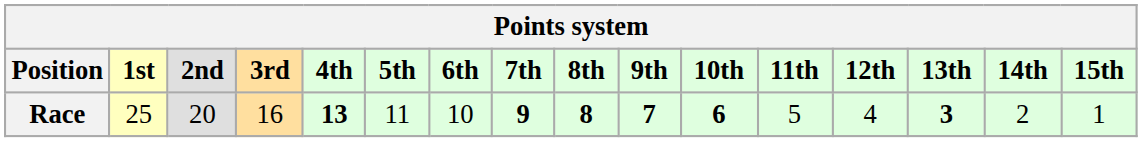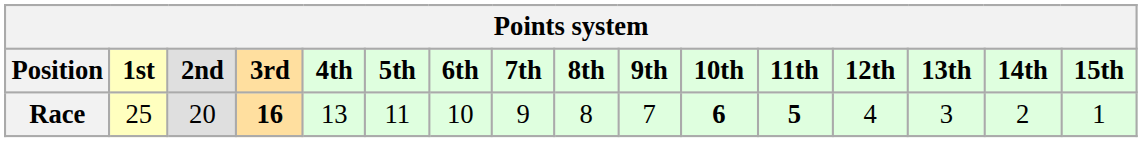 <table class="wikitable" style="font-size:80%; text-align:center">
 <tr>
 <th colspan="23">Points system</th>
 </tr>
 <tr>
 <th>Position</th>
 <td style="background:#ffffbf;"> <strong>1st</strong> </td>
 <td style="background:#dfdfdf;"> <strong>2nd</strong> </td>
 <td style="background:#ffdf9f;"> <strong>3rd</strong> </td>
 <td style="background:#dfffdf;"> <strong>4th</strong> </td>
 <td style="background:#dfffdf;"> <strong>5th</strong> </td>
 <td style="background:#dfffdf;"> <strong>6th</strong> </td>
 <td style="background:#dfffdf;"> <strong>7th</strong> </td>
 <td style="background:#dfffdf;"> <strong>8th</strong> </td>
 <td style="background:#dfffdf;"> <strong>9th</strong> </td>
 <td style="background:#dfffdf;"> <strong>10th</strong> </td>
 <td style="background:#dfffdf;"> <strong>11th</strong> </td>
 <td style="background:#dfffdf;"> <strong>12th</strong> </td>
 <td style="background:#dfffdf;"> <strong>13th</strong> </td>
 <td style="background:#dfffdf;"> <strong>14th</strong> </td>
 <td style="background:#dfffdf;"> <strong>15th</strong> </td>
 </tr>
 <tr>
 <th>Race</th>
 <td style="background:#ffffbf;">25</td>
 <td style="background:#dfdfdf;">20</td>
-<td style="background:#ffdf9f;">16</td>
-<td style="background:#dfffdf;"><strong>13</strong></td>
+<td style="background:#ffdf9f;"><strong>16</strong></td>
+<td style="background:#dfffdf;">13</td>
 <td style="background:#dfffdf;">11</td>
 <td style="background:#dfffdf;">10</td>
-<td style="background:#dfffdf;"><strong>9</strong></td>
-<td style="background:#dfffdf;"><strong>8</strong></td>
-<td style="background:#dfffdf;"><strong>7</strong></td>
+<td style="background:#dfffdf;">9</td>
+<td style="background:#dfffdf;">8</td>
+<td style="background:#dfffdf;">7</td>
 <td style="background:#dfffdf;"><strong>6</strong></td>
-<td style="background:#dfffdf;">5</td>
+<td style="background:#dfffdf;"><strong>5</strong></td>
 <td style="background:#dfffdf;">4</td>
-<td style="background:#dfffdf;"><strong>3</strong></td>
+<td style="background:#dfffdf;">3</td>
 <td style="background:#dfffdf;">2</td>
 <td style="background:#dfffdf;">1</td>
 </tr>
 </table>
